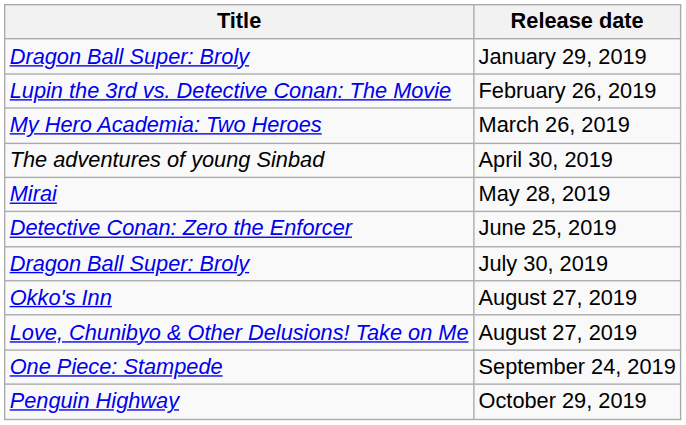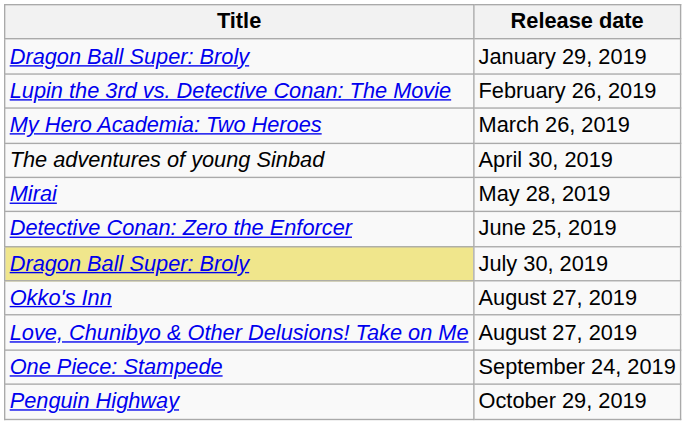 <table class="wikitable">
 <tr>
 <th>Title</th>
 <th>Release date</th>
 </tr>
 <tr>
 <td><em><a href='#'>Dragon Ball Super: Broly</a></em></td>
 <td>January 29, 2019</td>
 </tr>
 <tr>
 <td><em><a href='#'>Lupin the 3rd vs. Detective Conan: The Movie</a></em></td>
 <td>February 26, 2019</td>
 </tr>
 <tr>
 <td><em><a href='#'>My Hero Academia: Two Heroes</a></em></td>
 <td>March 26, 2019</td>
 </tr>
 <tr>
 <td><em>The adventures of young Sinbad</em></td>
 <td>April 30, 2019</td>
 </tr>
 <tr>
 <td><em><a href='#'>Mirai</a></em></td>
 <td>May 28, 2019</td>
 </tr>
 <tr>
 <td><em><a href='#'>Detective Conan: Zero the Enforcer</a></em></td>
 <td>June 25, 2019</td>
 </tr>
 <tr>
-<td><em><a href='#'>Dragon Ball Super: Broly</a></em></td>
+<td style="background: khaki;"><em><a href='#'>Dragon Ball Super: Broly</a></em></td>
 <td>July 30, 2019</td>
 </tr>
 <tr>
 <td><em><a href='#'>Okko's Inn</a></em></td>
 <td>August 27, 2019</td>
 </tr>
 <tr>
 <td><em><a href='#'>Love, Chunibyo & Other Delusions! Take on Me</a></em></td>
 <td>August 27, 2019</td>
 </tr>
 <tr>
 <td><em><a href='#'>One Piece: Stampede</a></em></td>
 <td>September 24, 2019</td>
 </tr>
 <tr>
 <td><em><a href='#'>Penguin Highway</a></em></td>
 <td>October 29, 2019</td>
 </tr>
 </table>
